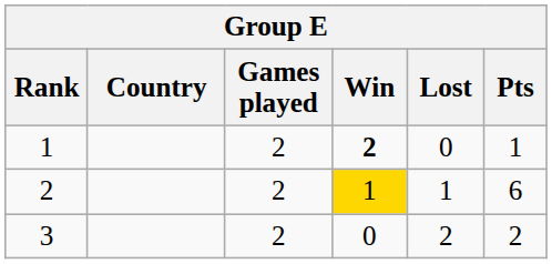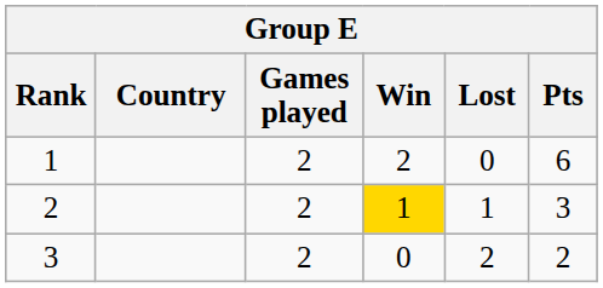 <table class="wikitable" style= "text-align: center; Width:50%">
 <tr>
 <th colspan= 6>Group E</th>
 </tr>
 <tr>
 <th width=2%>Rank</th>
 <th width=10%>Country</th>
 <th width=5%>Games <br> played</th>
 <th width=5%>Win</th>
 <th width=5%>Lost</th>
 <th width=5%>Pts</th>
 </tr>
 <tr>
 <td>1</td>
 <td style= "text-align: left"></td>
 <td>2</td>
-<td><strong>2</strong></td>
+<td>2</td>
 <td>0</td>
-<td>1</td>
+<td>6</td>
 </tr>
 <tr>
 <td>2</td>
 <td style= "text-align: left"></td>
 <td>2</td>
 <td style="background: gold;">1</td>
 <td>1</td>
-<td>6</td>
+<td>3</td>
 </tr>
 <tr>
 <td>3</td>
 <td style= "text-align: left"></td>
 <td>2</td>
 <td>0</td>
 <td>2</td>
 <td>2</td>
 </tr>
 </table>
